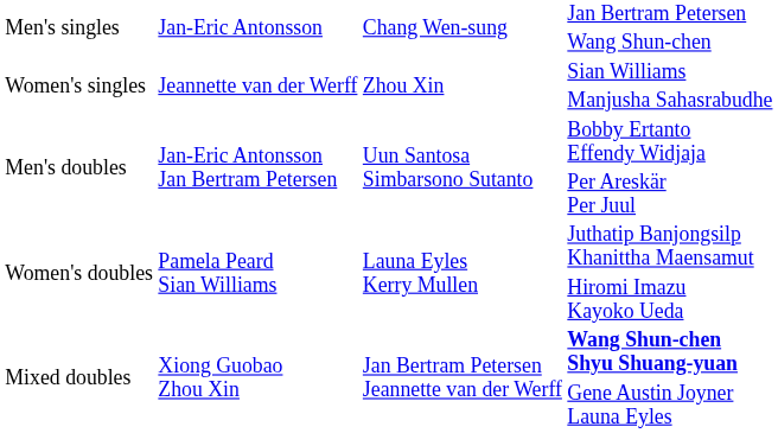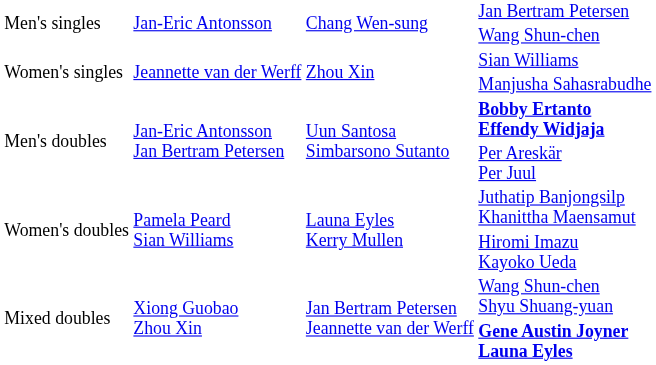 <table>
 <tr>
 <td rowspan="2">Men's singles</td>
 <td rowspan="2"> <a href='#'>Jan-Eric Antonsson</a></td>
 <td rowspan="2"> <a href='#'>Chang Wen-sung</a></td>
 <td> <a href='#'>Jan Bertram Petersen</a></td>
 </tr>
 <tr>
 <td> <a href='#'>Wang Shun-chen</a></td>
 </tr>
 <tr>
 <td rowspan="2">Women's singles</td>
 <td rowspan="2"> <a href='#'>Jeannette van der Werff</a></td>
 <td rowspan="2"> <a href='#'>Zhou Xin</a></td>
 <td> <a href='#'>Sian Williams</a></td>
 </tr>
 <tr>
 <td> <a href='#'>Manjusha Sahasrabudhe</a></td>
 </tr>
 <tr>
 <td rowspan="2">Men's doubles</td>
 <td rowspan="2"> <a href='#'>Jan-Eric Antonsson</a><br> <a href='#'>Jan Bertram Petersen</a></td>
 <td rowspan="2"> <a href='#'>Uun Santosa</a><br> <a href='#'>Simbarsono Sutanto</a></td>
-<td> <a href='#'>Bobby Ertanto</a><br> <a href='#'>Effendy Widjaja</a></td>
+<td><strong> <a href='#'>Bobby Ertanto</a><br> <a href='#'>Effendy Widjaja</a></strong></td>
 </tr>
 <tr>
 <td> <a href='#'>Per Areskär</a><br> <a href='#'>Per Juul</a></td>
 </tr>
 <tr>
 <td rowspan="2">Women's doubles</td>
 <td rowspan="2"> <a href='#'>Pamela Peard</a><br> <a href='#'>Sian Williams</a></td>
 <td rowspan="2"> <a href='#'>Launa Eyles</a><br> <a href='#'>Kerry Mullen</a></td>
 <td> <a href='#'>Juthatip Banjongsilp</a><br> <a href='#'>Khanittha Maensamut</a></td>
 </tr>
 <tr>
 <td> <a href='#'>Hiromi Imazu</a><br> <a href='#'>Kayoko Ueda</a></td>
 </tr>
 <tr>
 <td rowspan="2">Mixed doubles</td>
 <td rowspan="2"> <a href='#'>Xiong Guobao</a><br> <a href='#'>Zhou Xin</a></td>
 <td rowspan="2"> <a href='#'>Jan Bertram Petersen</a><br> <a href='#'>Jeannette van der Werff</a></td>
-<td><strong> <a href='#'>Wang Shun-chen</a><br> <a href='#'>Shyu Shuang-yuan</a></strong></td>
+<td> <a href='#'>Wang Shun-chen</a><br> <a href='#'>Shyu Shuang-yuan</a></td>
 </tr>
 <tr>
-<td> <a href='#'>Gene Austin Joyner</a><br> <a href='#'>Launa Eyles</a></td>
+<td><strong> <a href='#'>Gene Austin Joyner</a><br> <a href='#'>Launa Eyles</a></strong></td>
 </tr>
 </table>
